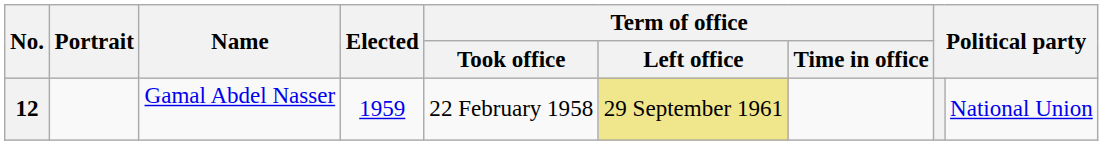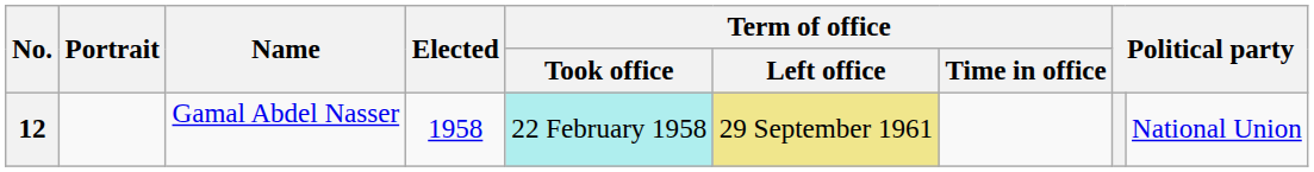 <table class="wikitable" style="text-align:center">
 <tr>
 <th rowspan="2">No.</th>
 <th rowspan="2">Portrait</th>
 <th rowspan="2">Name<br></th>
 <th rowspan="2">Elected</th>
 <th colspan="3">Term of office</th>
 <th colspan="2" rowspan="2">Political party</th>
 </tr>
 <tr>
 <th>Took office</th>
 <th>Left office</th>
 <th>Time in office</th>
 </tr>
 <tr>
 <th>12</th>
 <td></td>
 <td><a href='#'>Gamal Abdel Nasser</a><br><br></td>
-<td><a href='#'>1959</a></td>
-<td>22 February 1958</td>
+<td><a href='#'>1958</a></td>
+<td style="background: paleturquoise;">22 February 1958</td>
 <td style="background: khaki;">29 September 1961</td>
 <td></td>
 <th style="background:"></th>
 <td><a href='#'>National Union</a></td>
 </tr>
 </table>
